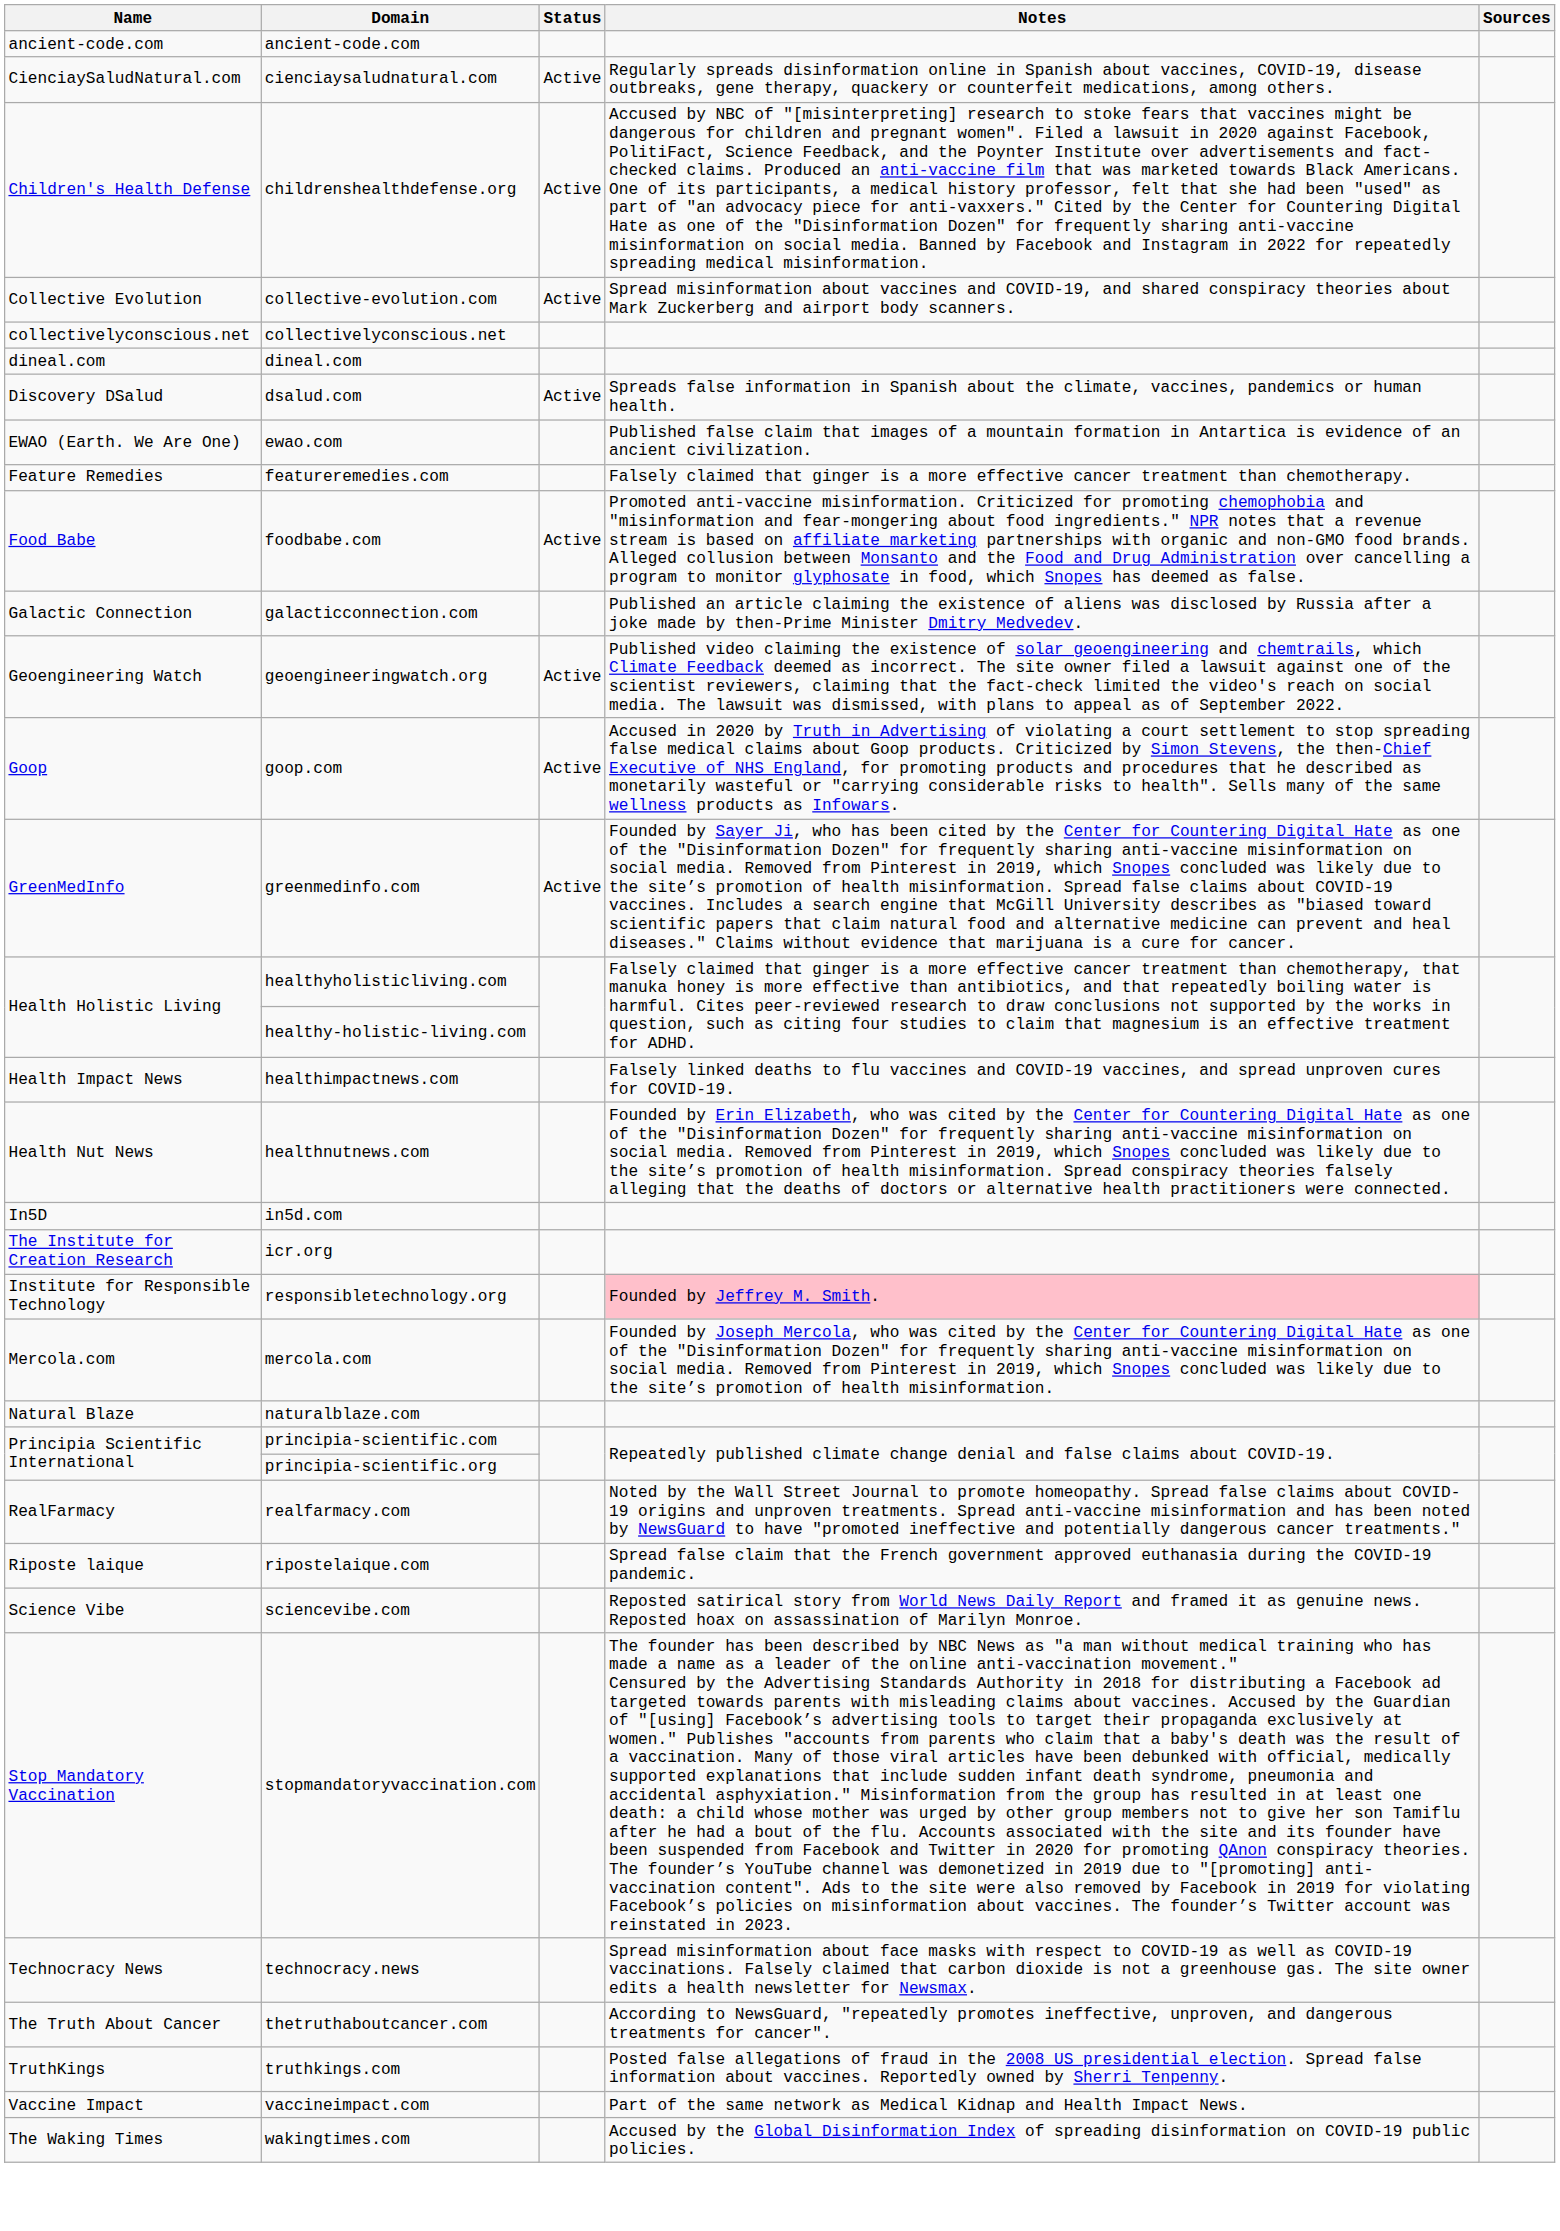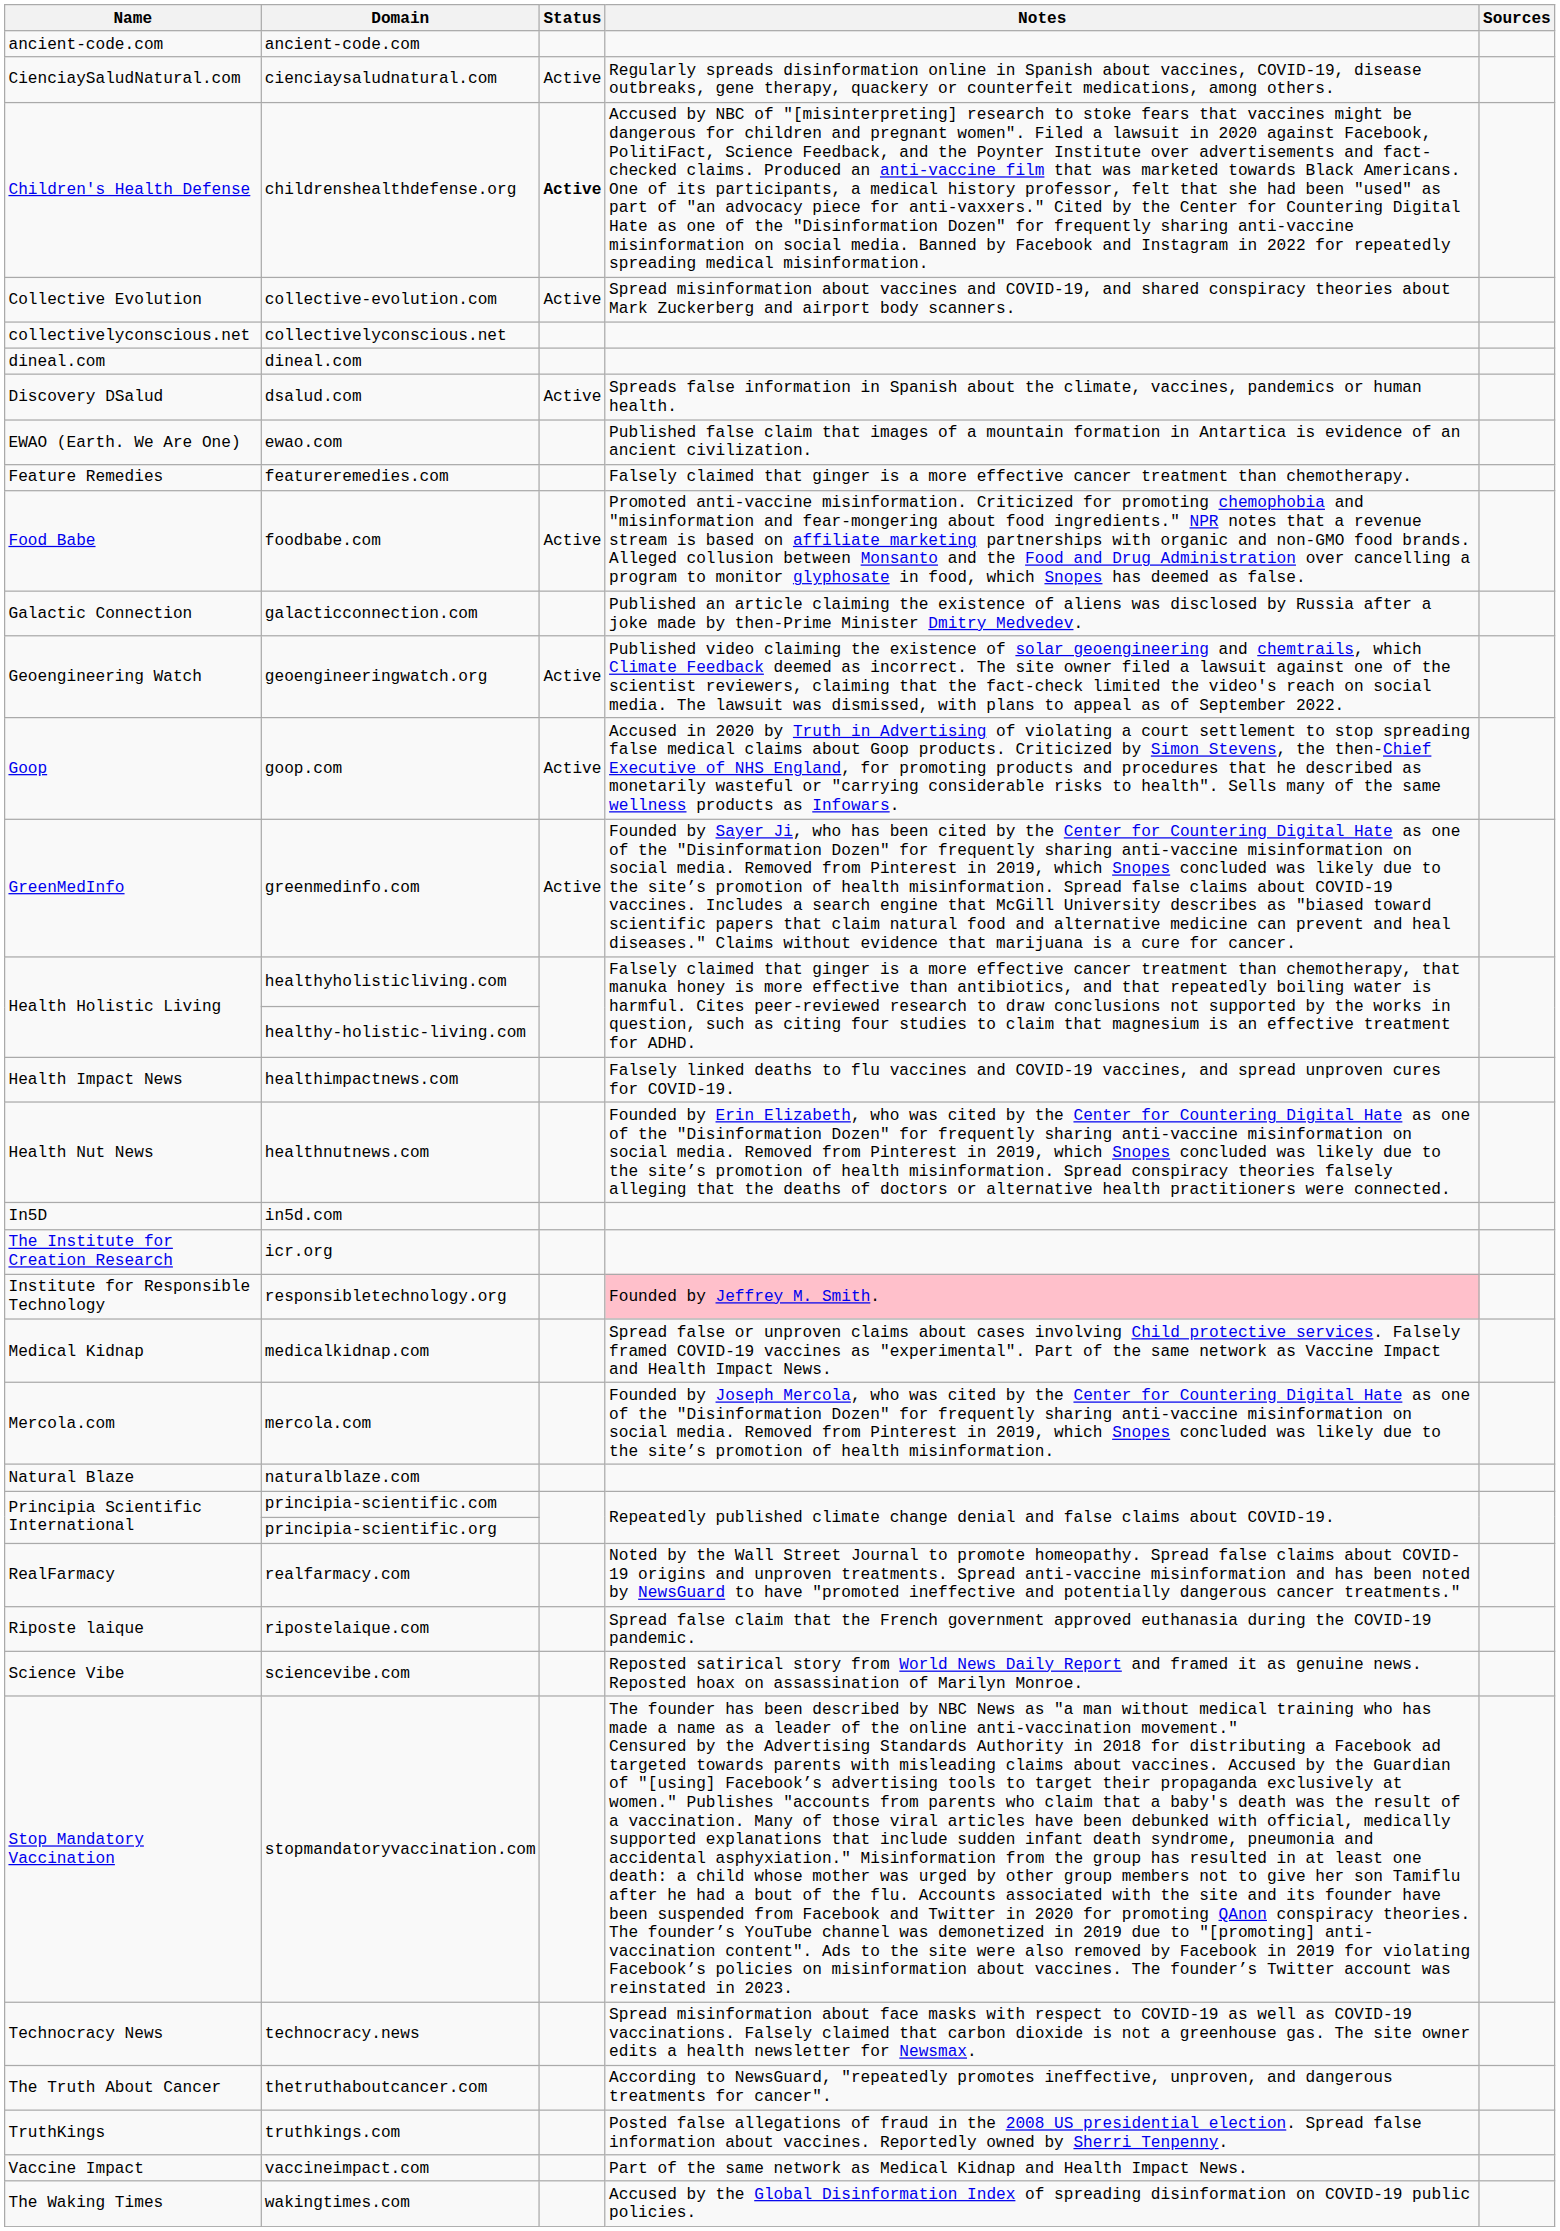 <table class="wikitable sortable mw-collapsible">
 <tr>
 <th>Name</th>
 <th>Domain</th>
 <th>Status</th>
 <th class="sortable">Notes</th>
 <th class="unsortable">Sources</th>
 </tr>
 <tr>
 <td>ancient-code.com</td>
 <td>ancient-code.com</td>
 <td></td>
 <td></td>
 <td></td>
 </tr>
 <tr>
 <td>CienciaySaludNatural.com</td>
 <td>cienciaysaludnatural.com</td>
 <td>Active</td>
 <td>Regularly spreads disinformation online in Spanish about vaccines, COVID-19, disease outbreaks, gene therapy, quackery or counterfeit medications, among others.</td>
 <td></td>
 </tr>
 <tr>
 <td><a href='#'>Children's Health Defense</a></td>
 <td>childrenshealthdefense.org</td>
-<td>Active</td>
+<td><strong>Active</strong></td>
 <td>Accused by NBC of "[misinterpreting] research to stoke fears that vaccines might be dangerous for children and pregnant women". Filed a lawsuit in 2020 against Facebook, PolitiFact, Science Feedback, and the Poynter Institute over advertisements and fact-checked claims. Produced an <a href='#'>anti-vaccine film</a> that was marketed towards Black Americans. One of its participants, a medical history professor, felt that she had been "used" as part of "an advocacy piece for anti-vaxxers." Cited by the Center for Countering Digital Hate as one of the "Disinformation Dozen" for frequently sharing anti-vaccine misinformation on social media. Banned by Facebook and Instagram in 2022 for repeatedly spreading medical misinformation.</td>
 <td></td>
 </tr>
 <tr>
 <td>Collective Evolution</td>
 <td>collective-evolution.com</td>
 <td>Active</td>
 <td>Spread misinformation about vaccines and COVID-19, and shared conspiracy theories about Mark Zuckerberg and airport body scanners.</td>
 <td></td>
 </tr>
 <tr>
 <td>collectivelyconscious.net</td>
 <td>collectivelyconscious.net</td>
 <td></td>
 <td></td>
 <td></td>
 </tr>
 <tr>
 <td>dineal.com</td>
 <td>dineal.com</td>
 <td></td>
 <td></td>
 <td></td>
 </tr>
 <tr>
 <td>Discovery DSalud</td>
 <td>dsalud.com</td>
 <td>Active</td>
 <td>Spreads false information in Spanish about the climate, vaccines, pandemics or human health.</td>
 <td></td>
 </tr>
 <tr>
 <td>EWAO (Earth. We Are One)</td>
 <td>ewao.com</td>
 <td></td>
 <td>Published false claim that images of a mountain formation in Antartica is evidence of an ancient civilization.</td>
 <td></td>
 </tr>
 <tr>
 <td>Feature Remedies</td>
 <td>featureremedies.com</td>
 <td></td>
 <td>Falsely claimed that ginger is a more effective cancer treatment than chemotherapy.</td>
 <td></td>
 </tr>
 <tr>
 <td><a href='#'>Food Babe</a></td>
 <td>foodbabe.com</td>
 <td>Active</td>
 <td>Promoted anti-vaccine misinformation. Criticized for promoting <a href='#'>chemophobia</a> and "misinformation and fear-mongering about food ingredients." <a href='#'>NPR</a> notes that a revenue stream is based on <a href='#'>affiliate marketing</a> partnerships with organic and non-GMO food brands. Alleged collusion between <a href='#'>Monsanto</a> and the <a href='#'>Food and Drug Administration</a> over cancelling a program to monitor <a href='#'>glyphosate</a> in food, which <a href='#'>Snopes</a> has deemed as false.</td>
 <td></td>
 </tr>
 <tr>
 <td>Galactic Connection</td>
 <td>galacticconnection.com</td>
 <td></td>
 <td>Published an article claiming the existence of aliens was disclosed by Russia after a joke made by then-Prime Minister <a href='#'>Dmitry Medvedev</a>.</td>
 <td></td>
 </tr>
 <tr>
 <td>Geoengineering Watch</td>
 <td>geoengineeringwatch.org</td>
 <td>Active</td>
 <td>Published video claiming the existence of <a href='#'>solar geoengineering</a> and <a href='#'>chemtrails</a>, which <a href='#'>Climate Feedback</a> deemed as incorrect. The site owner filed a lawsuit against one of the scientist reviewers, claiming that the fact-check limited the video's reach on social media. The lawsuit was dismissed, with plans to appeal as of September 2022.</td>
 <td></td>
 </tr>
 <tr>
 <td><a href='#'>Goop</a></td>
 <td>goop.com</td>
 <td>Active</td>
 <td>Accused in 2020 by <a href='#'>Truth in Advertising</a> of violating a court settlement to stop spreading false medical claims about Goop products. Criticized by <a href='#'>Simon Stevens</a>, the then-<a href='#'>Chief Executive of NHS England</a>, for promoting products and procedures that he described as monetarily wasteful or "carrying considerable risks to health". Sells many of the same <a href='#'>wellness</a> products as <a href='#'>Infowars</a>.</td>
 <td></td>
 </tr>
 <tr>
 <td><a href='#'>GreenMedInfo</a></td>
 <td>greenmedinfo.com</td>
 <td>Active</td>
 <td>Founded by <a href='#'>Sayer Ji</a>, who has been cited by the <a href='#'>Center for Countering Digital Hate</a> as one of the "Disinformation Dozen" for frequently sharing anti-vaccine misinformation on social media. Removed from Pinterest in 2019, which <a href='#'>Snopes</a> concluded was likely due to the site’s promotion of health misinformation. Spread false claims about COVID-19 vaccines. Includes a search engine that McGill University describes as "biased toward scientific papers that claim natural food and alternative medicine can prevent and heal diseases." Claims without evidence that marijuana is a cure for cancer.</td>
 <td></td>
 </tr>
 <tr>
 <td rowspan="2">Health Holistic Living</td>
 <td>healthyholisticliving.com</td>
 <td rowspan="2"></td>
 <td rowspan="2">Falsely claimed that ginger is a more effective cancer treatment than chemotherapy, that manuka honey is more effective than antibiotics, and that repeatedly boiling water is harmful. Cites peer-reviewed research to draw conclusions not supported by the works in question, such as citing four studies to claim that magnesium is an effective treatment for ADHD.</td>
 <td rowspan="2"></td>
 </tr>
 <tr>
 <td>healthy-holistic-living.com</td>
 </tr>
 <tr>
 <td>Health Impact News</td>
 <td>healthimpactnews.com</td>
 <td></td>
 <td>Falsely linked deaths to flu vaccines and COVID-19 vaccines, and spread unproven cures for COVID-19.</td>
 <td></td>
 </tr>
 <tr>
 <td>Health Nut News</td>
 <td>healthnutnews.com</td>
 <td></td>
 <td>Founded by <a href='#'>Erin Elizabeth</a>, who was cited by the <a href='#'>Center for Countering Digital Hate</a> as one of the "Disinformation Dozen" for frequently sharing anti-vaccine misinformation on social media. Removed from Pinterest in 2019, which <a href='#'>Snopes</a> concluded was likely due to the site’s promotion of health misinformation. Spread conspiracy theories falsely alleging that the deaths of doctors or alternative health practitioners were connected.</td>
 <td></td>
 </tr>
 <tr>
 <td>In5D</td>
 <td>in5d.com</td>
 <td></td>
 <td></td>
 <td></td>
 </tr>
 <tr>
 <td><a href='#'>The Institute for Creation Research</a></td>
 <td>icr.org</td>
 <td></td>
 <td></td>
 <td></td>
 </tr>
 <tr>
 <td>Institute for Responsible Technology</td>
 <td>responsibletechnology.org</td>
 <td></td>
 <td style="background: pink;">Founded by <a href='#'>Jeffrey M. Smith</a>.</td>
 <td></td>
 </tr>
 <tr>
+<td>Medical Kidnap</td>
+<td>medicalkidnap.com</td>
+<td></td>
+<td>Spread false or unproven claims about cases involving <a href='#'>Child protective services</a>. Falsely framed COVID-19 vaccines as "experimental". Part of the same network as Vaccine Impact and Health Impact News.</td>
+<td></td>
+</tr>
+<tr>
 <td>Mercola.com</td>
 <td>mercola.com</td>
 <td></td>
 <td>Founded by <a href='#'>Joseph Mercola</a>, who was cited by the <a href='#'>Center for Countering Digital Hate</a> as one of the "Disinformation Dozen" for frequently sharing anti-vaccine misinformation on social media. Removed from Pinterest in 2019, which <a href='#'>Snopes</a> concluded was likely due to the site’s promotion of health misinformation.</td>
 <td></td>
 </tr>
 <tr>
 <td>Natural Blaze</td>
 <td>naturalblaze.com</td>
 <td></td>
 <td></td>
 <td></td>
 </tr>
 <tr>
 <td rowspan="2">Principia Scientific International</td>
 <td>principia-scientific.com</td>
 <td rowspan="2"></td>
 <td rowspan="2">Repeatedly published climate change denial and false claims about COVID-19.</td>
 <td rowspan="2"></td>
 </tr>
 <tr>
 <td>principia-scientific.org</td>
 </tr>
 <tr>
 <td>RealFarmacy</td>
 <td>realfarmacy.com</td>
 <td></td>
 <td>Noted by the Wall Street Journal to promote homeopathy. Spread false claims about COVID-19 origins and unproven treatments. Spread anti-vaccine misinformation and has been noted by <a href='#'>NewsGuard</a> to have "promoted ineffective and potentially dangerous cancer treatments."</td>
 <td></td>
 </tr>
 <tr>
 <td>Riposte laique</td>
 <td>ripostelaique.com</td>
 <td></td>
 <td>Spread false claim that the French government approved euthanasia during the COVID-19 pandemic.</td>
 <td></td>
 </tr>
 <tr>
 <td>Science Vibe</td>
 <td>sciencevibe.com</td>
 <td></td>
 <td>Reposted satirical story from <a href='#'>World News Daily Report</a> and framed it as genuine news. Reposted hoax on assassination of Marilyn Monroe.</td>
 <td></td>
 </tr>
 <tr>
 <td><a href='#'>Stop Mandatory Vaccination</a></td>
 <td>stopmandatoryvaccination.com</td>
 <td></td>
 <td>The founder has been described by NBC News as "a man without medical training who has made a name as a leader of the online anti-vaccination movement."<br>Censured by the Advertising Standards Authority in 2018 for distributing a Facebook ad targeted towards parents with misleading claims about vaccines. Accused by the Guardian of "[using] Facebook’s advertising tools to target their propaganda exclusively at women." Publishes "accounts from parents who claim that a baby's death was the result of a vaccination. Many of those viral articles have been debunked with official, medically supported explanations that include sudden infant death syndrome, pneumonia and accidental asphyxiation." Misinformation from the group has resulted in at least one death: a child whose mother was urged by other group members not to give her son Tamiflu after he had a bout of the flu. Accounts associated with the site and its founder have been suspended from Facebook and Twitter in 2020 for promoting <a href='#'>QAnon</a> conspiracy theories. The founder’s YouTube channel was demonetized in 2019 due to "[promoting] anti-vaccination content". Ads to the site were also removed by Facebook in 2019 for violating Facebook’s policies on misinformation about vaccines. The founder’s Twitter account was reinstated in 2023.</td>
 <td></td>
 </tr>
 <tr>
 <td>Technocracy News</td>
 <td>technocracy.news</td>
 <td></td>
 <td>Spread misinformation about face masks with respect to COVID-19 as well as COVID-19 vaccinations. Falsely claimed that carbon dioxide is not a greenhouse gas. The site owner edits a health newsletter for <a href='#'>Newsmax</a>.</td>
 <td></td>
 </tr>
 <tr>
 <td>The Truth About Cancer</td>
 <td>thetruthaboutcancer.com</td>
 <td></td>
 <td>According to NewsGuard, "repeatedly promotes ineffective, unproven, and dangerous treatments for cancer".</td>
 <td></td>
 </tr>
 <tr>
 <td>TruthKings</td>
 <td>truthkings.com</td>
 <td></td>
 <td>Posted false allegations of fraud in the <a href='#'>2008 US presidential election</a>. Spread false information about vaccines. Reportedly owned by <a href='#'>Sherri Tenpenny</a>.</td>
 <td></td>
 </tr>
 <tr>
 <td>Vaccine Impact</td>
 <td>vaccineimpact.com</td>
 <td></td>
 <td>Part of the same network as Medical Kidnap and Health Impact News.</td>
 <td></td>
 </tr>
 <tr>
 <td>The Waking Times</td>
 <td>wakingtimes.com</td>
 <td></td>
 <td>Accused by the <a href='#'>Global Disinformation Index</a> of spreading disinformation on COVID-19 public policies.</td>
 <td></td>
 </tr>
 </table>
